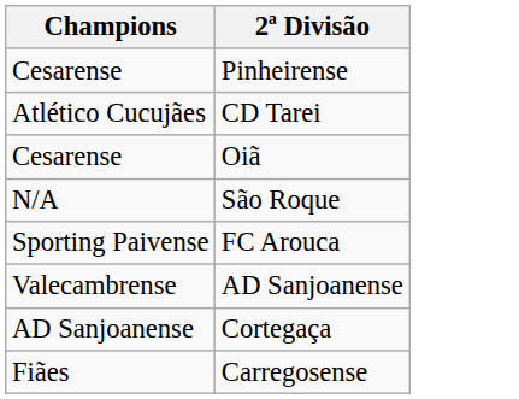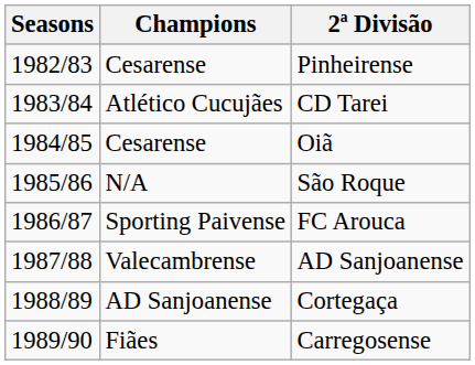 <table class="wikitable" style="text-align:left">
 <tr>
+<th style= style="width:80px;">Seasons</th>
 <th style= style="width:200px;">Champions</th>
 <th style= style="width:200px;">2ª Divisão</th>
 </tr>
 <tr>
+<td>1982/83</td>
 <td>Cesarense</td>
 <td>Pinheirense</td>
 </tr>
 <tr>
+<td>1983/84</td>
 <td>Atlético Cucujães</td>
 <td>CD Tarei</td>
 </tr>
 <tr>
+<td>1984/85</td>
 <td>Cesarense</td>
 <td>Oiã</td>
 </tr>
 <tr>
+<td>1985/86</td>
 <td>N/A</td>
 <td>São Roque</td>
 </tr>
 <tr>
+<td>1986/87</td>
 <td>Sporting Paivense</td>
 <td>FC Arouca</td>
 </tr>
 <tr>
+<td>1987/88</td>
 <td>Valecambrense</td>
 <td>AD Sanjoanense</td>
 </tr>
 <tr>
+<td>1988/89</td>
 <td>AD Sanjoanense</td>
 <td>Cortegaça</td>
 </tr>
 <tr>
+<td>1989/90</td>
 <td>Fiães</td>
 <td>Carregosense</td>
 </tr>
 </table>
